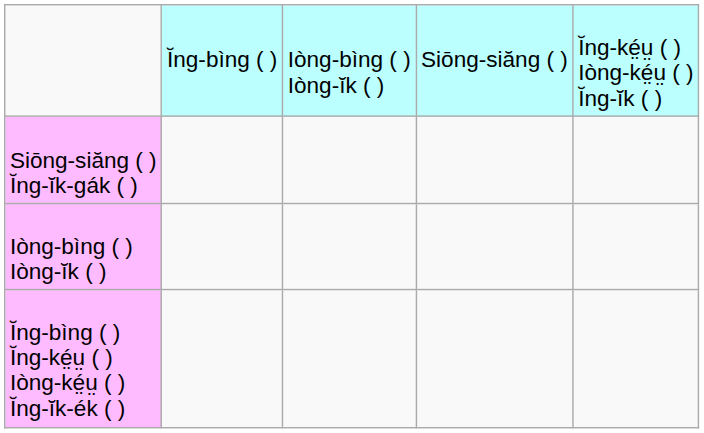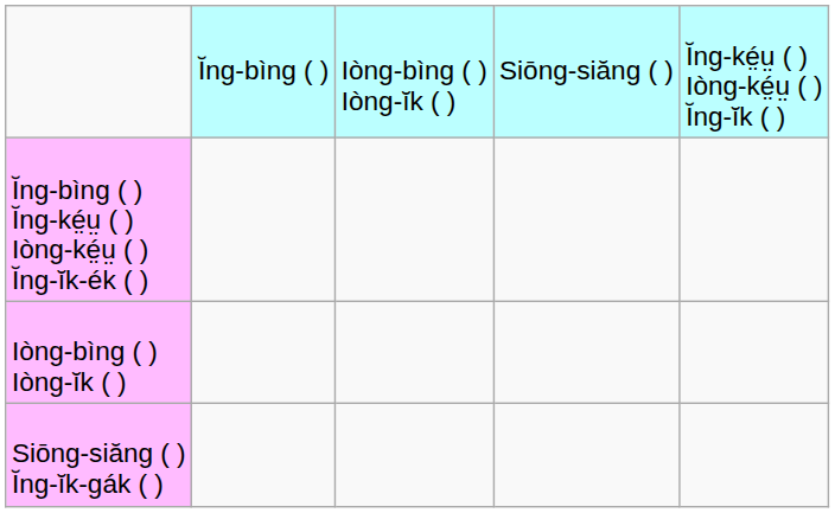 <table class=wikitable>
 <tr>
 <td></td>
 <td bgcolor="#BBFFFF">Ĭng-bìng ( )</td>
 <td bgcolor="#BBFFFF"><br>Iòng-bìng ( )<br> Iòng-ĭk ( )</td>
 <td bgcolor="#BBFFFF">Siōng-siăng ( )</td>
 <td bgcolor="#BBFFFF"><br>Ĭng-ké̤ṳ ( )<br> Iòng-ké̤ṳ ( )<br> Ĭng-ĭk ( )</td>
 </tr>
 <tr>
-<td bgcolor="#FFBBFF"><br>Siōng-siăng ( )<br> Ĭng-ĭk-gák ( )</td>
+<td bgcolor="#FFBBFF"><br>Ĭng-bìng ( )<br> Ĭng-ké̤ṳ ( )<br> Iòng-ké̤ṳ ( )<br> Ĭng-ĭk-ék ( )</td>
 <td></td>
 <td></td>
 <td></td>
 <td></td>
 </tr>
 <tr>
 <td bgcolor="#FFBBFF"><br>Iòng-bìng ( )<br> Iòng-ĭk ( )</td>
 <td></td>
 <td></td>
 <td></td>
 <td></td>
 </tr>
 <tr>
-<td bgcolor="#FFBBFF"><br>Ĭng-bìng ( )<br> Ĭng-ké̤ṳ ( )<br> Iòng-ké̤ṳ ( )<br> Ĭng-ĭk-ék ( )</td>
+<td bgcolor="#FFBBFF"><br>Siōng-siăng ( )<br> Ĭng-ĭk-gák ( )</td>
 <td></td>
 <td></td>
 <td></td>
 <td></td>
 </tr>
 </table>
